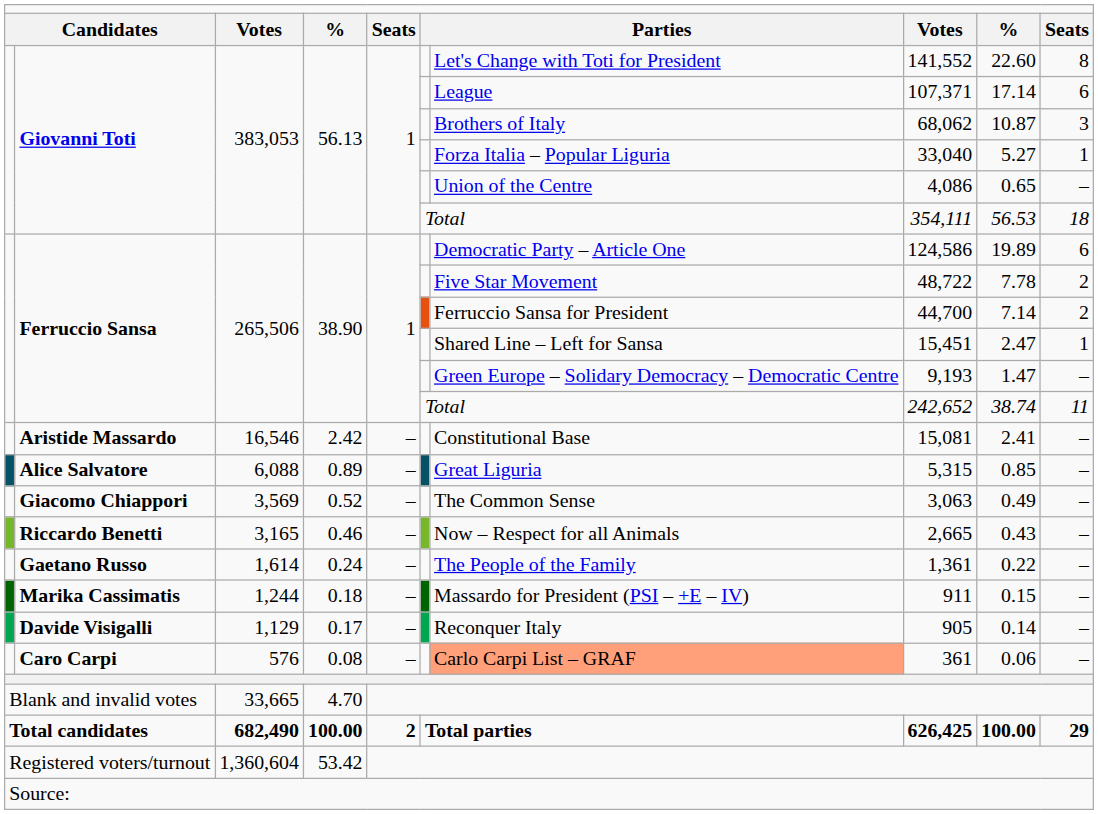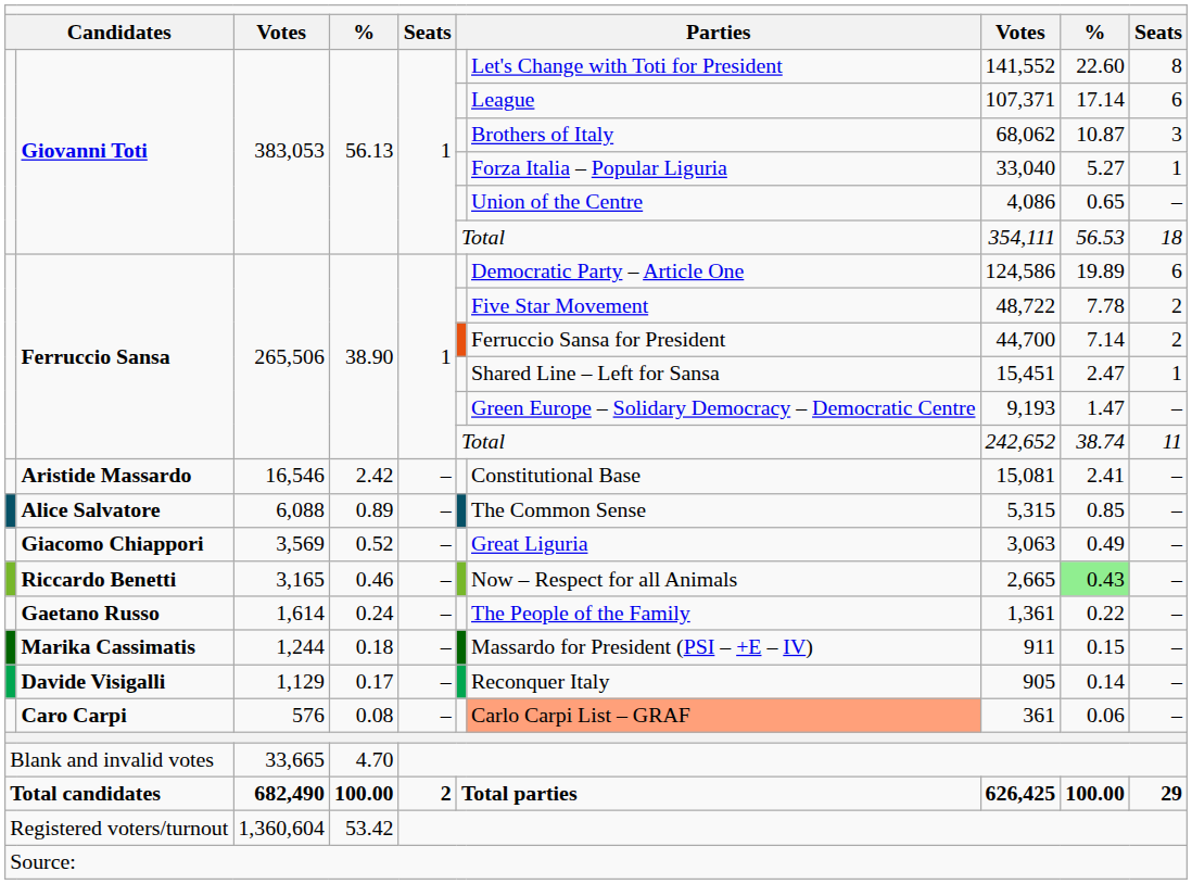 <table class="wikitable">
 <tr>
 <td colspan="10"></td>
 </tr>
 <tr>
 <th colspan="2">Candidates</th>
 <th>Votes</th>
 <th>%</th>
 <th>Seats</th>
 <th colspan="2">Parties</th>
 <th>Votes</th>
 <th>%</th>
 <th>Seats</th>
 </tr>
 <tr>
 <td rowspan="6"></td>
 <td rowspan="6"><strong><a href='#'>Giovanni Toti</a></strong></td>
 <td rowspan="6" align="right">383,053</td>
 <td rowspan="6" align="right">56.13</td>
 <td rowspan="6" align="right">1</td>
 <td></td>
 <td><a href='#'>Let's Change with Toti for President</a></td>
 <td align="right">141,552</td>
 <td align="right">22.60</td>
 <td align="right">8</td>
 </tr>
 <tr>
 <td></td>
 <td><a href='#'>League</a></td>
 <td align="right">107,371</td>
 <td align="right">17.14</td>
 <td align="right">6</td>
 </tr>
 <tr>
 <td></td>
 <td><a href='#'>Brothers of Italy</a></td>
 <td align="right">68,062</td>
 <td align="right">10.87</td>
 <td align="right">3</td>
 </tr>
 <tr>
 <td></td>
 <td><a href='#'>Forza Italia</a> – <a href='#'>Popular Liguria</a></td>
 <td align="right">33,040</td>
 <td align="right">5.27</td>
 <td align="right">1</td>
 </tr>
 <tr>
 <td></td>
 <td><a href='#'>Union of the Centre</a></td>
 <td align="right">4,086</td>
 <td align="right">0.65</td>
 <td align="right">–</td>
 </tr>
 <tr>
 <td colspan="2"><em>Total</em></td>
 <td align="right"><em>354,111</em></td>
 <td align="right"><em>56.53</em></td>
 <td align="right"><em>18</em></td>
 </tr>
 <tr>
 <td rowspan="6"></td>
 <td rowspan="6"><strong>Ferruccio Sansa</strong></td>
 <td rowspan="6" align="right">265,506</td>
 <td rowspan="6" align="right">38.90</td>
 <td rowspan="6" align="right">1</td>
 <td></td>
 <td><a href='#'>Democratic Party</a> – <a href='#'>Article One</a></td>
 <td align="right">124,586</td>
 <td align="right">19.89</td>
 <td align="right">6</td>
 </tr>
 <tr>
 <td></td>
 <td><a href='#'>Five Star Movement</a></td>
 <td align="right">48,722</td>
 <td align="right">7.78</td>
 <td align="right">2</td>
 </tr>
 <tr>
 <td bgcolor="#E8500F"></td>
 <td>Ferruccio Sansa for President</td>
 <td align="right">44,700</td>
 <td align="right">7.14</td>
 <td align="right">2</td>
 </tr>
 <tr>
 <td></td>
 <td>Shared Line – Left for Sansa</td>
 <td align="right">15,451</td>
 <td align="right">2.47</td>
 <td align="right">1</td>
 </tr>
 <tr>
 <td></td>
 <td><a href='#'>Green Europe</a> – <a href='#'>Solidary Democracy</a> – <a href='#'>Democratic Centre</a></td>
 <td align="right">9,193</td>
 <td align="right">1.47</td>
 <td align="right">–</td>
 </tr>
 <tr>
 <td colspan="2"><em>Total</em></td>
 <td align="right"><em>242,652</em></td>
 <td align="right"><em>38.74</em></td>
 <td align="right"><em>11</em></td>
 </tr>
 <tr>
 <td rowspan="1"></td>
 <td rowspan="1"><strong>Aristide Massardo</strong></td>
 <td rowspan="1" align="right">16,546</td>
 <td rowspan="1" align="right">2.42</td>
 <td rowspan="1" align="right">–</td>
 <td></td>
 <td>Constitutional Base</td>
 <td align="right">15,081</td>
 <td align="right">2.41</td>
 <td align="right">–</td>
 </tr>
 <tr>
 <td rowspan="1" bgcolor="#065166"></td>
 <td rowspan="1"><strong>Alice Salvatore</strong></td>
 <td rowspan="1" align="right">6,088</td>
 <td rowspan="1" align="right">0.89</td>
 <td rowspan="1" align="right">–</td>
 <td bgcolor="#065166"></td>
-<td><a href='#'>Great Liguria</a></td>
+<td>The Common Sense</td>
 <td align="right">5,315</td>
 <td align="right">0.85</td>
 <td align="right">–</td>
 </tr>
 <tr>
 <td rowspan="1"></td>
 <td rowspan="1"><strong>Giacomo Chiappori</strong></td>
 <td rowspan="1" align="right">3,569</td>
 <td rowspan="1" align="right">0.52</td>
 <td rowspan="1" align="right">–</td>
 <td></td>
-<td>The Common Sense</td>
+<td><a href='#'>Great Liguria</a></td>
 <td align="right">3,063</td>
 <td align="right">0.49</td>
 <td align="right">–</td>
 </tr>
 <tr>
 <td rowspan="1" bgcolor="#77b72a"></td>
 <td rowspan="1"><strong>Riccardo Benetti</strong></td>
 <td rowspan="1" align="right">3,165</td>
 <td rowspan="1" align="right">0.46</td>
 <td rowspan="1" align="right">–</td>
 <td bgcolor="#77b72a"></td>
 <td>Now – Respect for all Animals</td>
 <td align="right">2,665</td>
-<td align="right">0.43</td>
+<td align="right" style="background: lightgreen;">0.43</td>
 <td align="right">–</td>
 </tr>
 <tr>
 <td rowspan="1"></td>
 <td rowspan="1"><strong>Gaetano Russo</strong></td>
 <td rowspan="1" align="right">1,614</td>
 <td rowspan="1" align="right">0.24</td>
 <td rowspan="1" align="right">–</td>
 <td></td>
 <td><a href='#'>The People of the Family</a></td>
 <td align="right">1,361</td>
 <td align="right">0.22</td>
 <td align="right">–</td>
 </tr>
 <tr>
 <td rowspan="1" bgcolor="#006400"></td>
 <td rowspan="1"><strong>Marika Cassimatis</strong></td>
 <td rowspan="1" align="right">1,244</td>
 <td rowspan="1" align="right">0.18</td>
 <td rowspan="1" align="right">–</td>
 <td bgcolor="#006400"></td>
 <td>Massardo for President (<a href='#'>PSI</a> – <a href='#'>+E</a> – <a href='#'>IV</a>)</td>
 <td align="right">911</td>
 <td align="right">0.15</td>
 <td align="right">–</td>
 </tr>
 <tr>
 <td rowspan="1" bgcolor="#00A650"></td>
 <td rowspan="1"><strong>Davide Visigalli</strong></td>
 <td rowspan="1" align="right">1,129</td>
 <td rowspan="1" align="right">0.17</td>
 <td rowspan="1" align="right">–</td>
 <td bgcolor="#00A650"></td>
 <td>Reconquer Italy</td>
 <td align="right">905</td>
 <td align="right">0.14</td>
 <td align="right">–</td>
 </tr>
 <tr>
 <td rowspan="1"></td>
 <td rowspan="1"><strong>Caro Carpi</strong></td>
 <td rowspan="1" align="right">576</td>
 <td rowspan="1" align="right">0.08</td>
 <td rowspan="1" align="right">–</td>
 <td></td>
 <td style="background: lightsalmon;">Carlo Carpi List – GRAF</td>
 <td align="right">361</td>
 <td align="right">0.06</td>
 <td align="right">–</td>
 </tr>
 <tr>
 <th colspan="10"></th>
 </tr>
 <tr>
 <td colspan="2">Blank and invalid votes</td>
 <td align="right">33,665</td>
 <td align="right">4.70</td>
 <td colspan="7"></td>
 </tr>
 <tr>
 <td colspan="2"><strong>Total candidates</strong></td>
 <td align="right"><strong>682,490</strong></td>
 <td align="right"><strong>100.00</strong></td>
 <td align="right"><strong>2</strong></td>
 <td colspan="2"><strong>Total parties</strong></td>
 <td align="right"><strong>626,425</strong></td>
 <td align="right"><strong>100.00</strong></td>
 <td align="right"><strong>29</strong></td>
 </tr>
 <tr>
 <td colspan="2">Registered voters/turnout</td>
 <td align="right">1,360,604</td>
 <td align="right">53.42</td>
 <td colspan="7"></td>
 </tr>
 <tr>
 <td colspan="10">Source: </td>
 </tr>
 </table>
